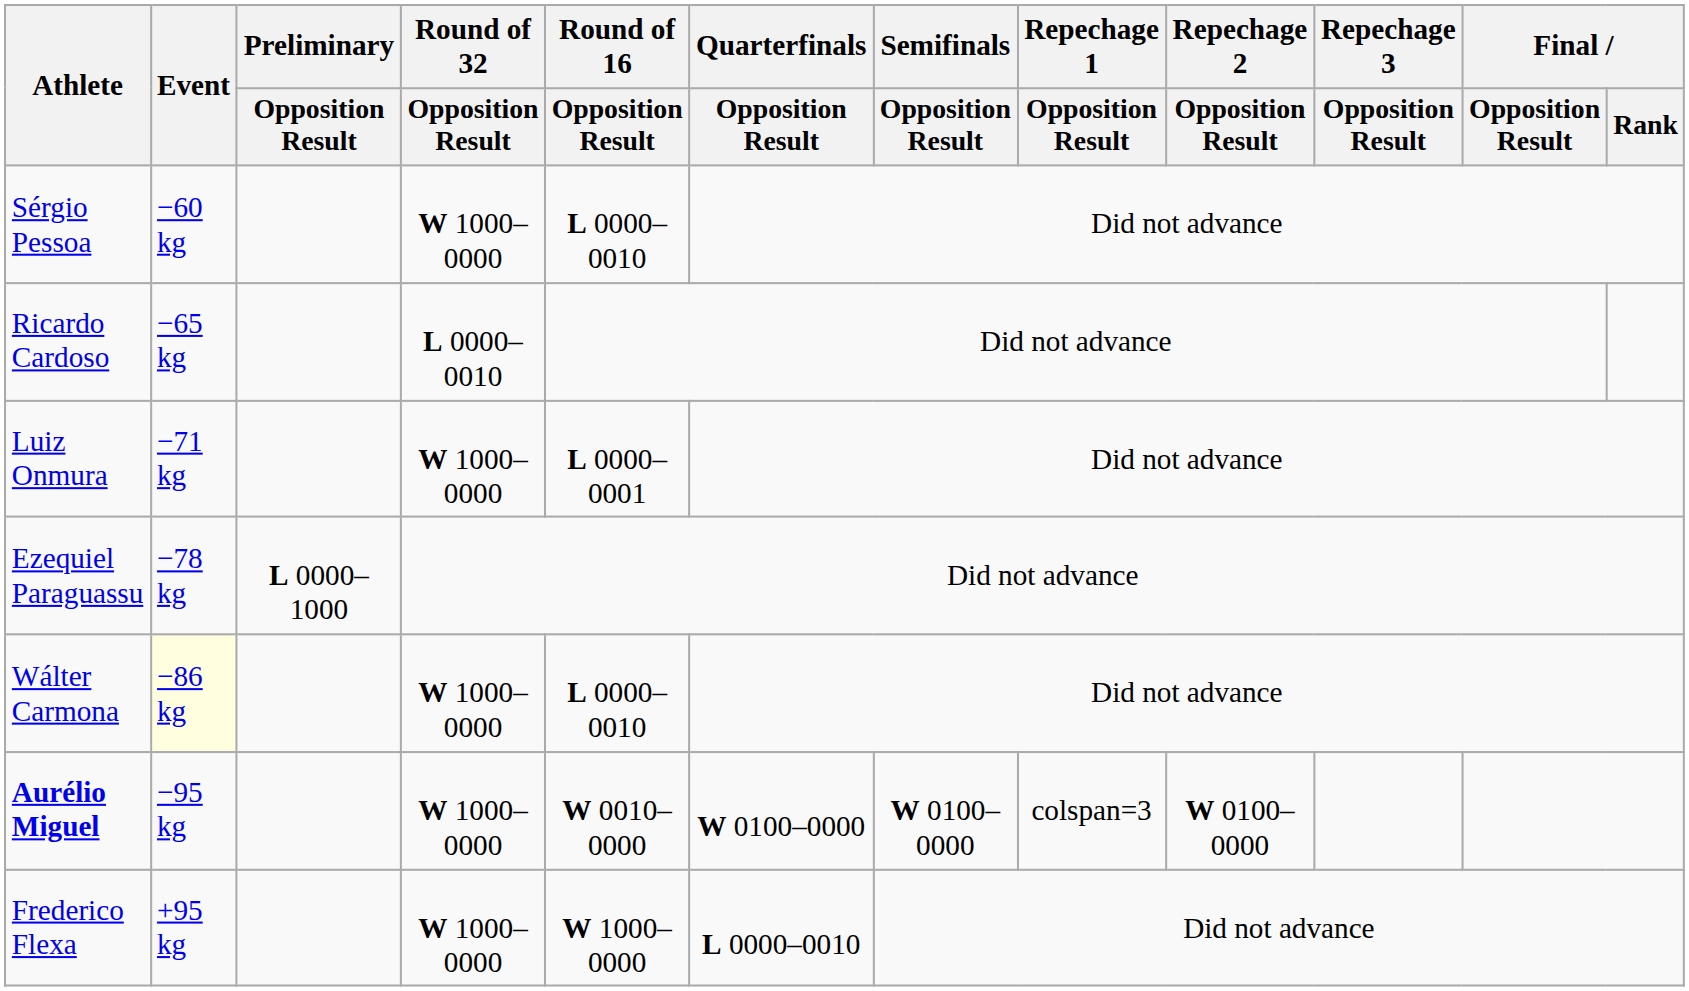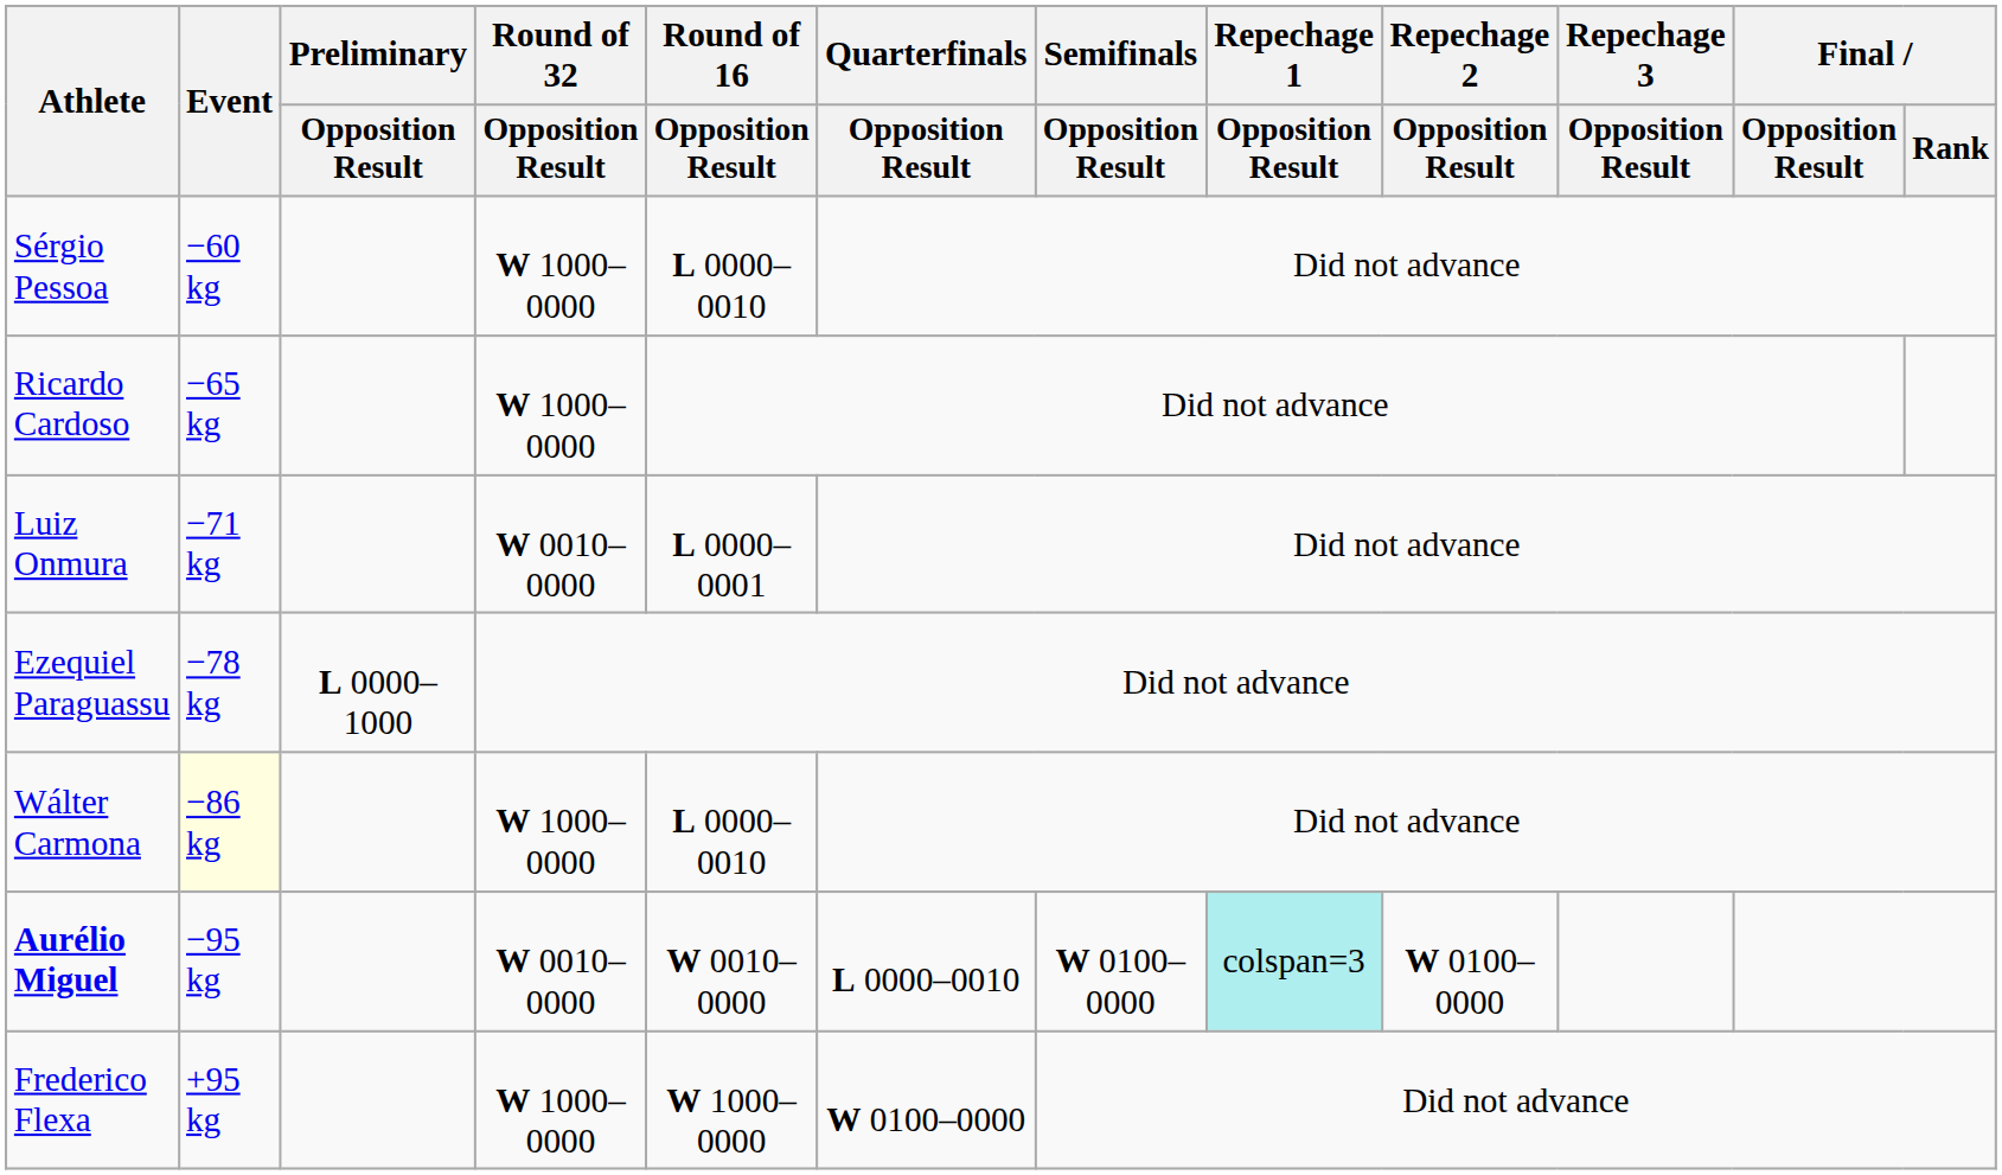 <table class="wikitable" style="font-size:90%">
 <tr>
 <th rowspan="2">Athlete</th>
 <th rowspan="2">Event</th>
 <th>Preliminary</th>
 <th>Round of 32</th>
 <th>Round of 16</th>
 <th>Quarterfinals</th>
 <th>Semifinals</th>
 <th>Repechage 1</th>
 <th>Repechage 2</th>
 <th>Repechage 3</th>
 <th colspan=2>Final / </th>
 </tr>
 <tr style="font-size:95%">
 <th>Opposition<br>Result</th>
 <th>Opposition<br>Result</th>
 <th>Opposition<br>Result</th>
 <th>Opposition<br>Result</th>
 <th>Opposition<br>Result</th>
 <th>Opposition<br>Result</th>
 <th>Opposition<br>Result</th>
 <th>Opposition<br>Result</th>
 <th>Opposition<br>Result</th>
 <th>Rank</th>
 </tr>
 <tr align=center>
 <td align=left><a href='#'>Sérgio Pessoa</a></td>
 <td align=left><a href='#'>−60 kg</a></td>
 <td></td>
 <td><br><strong>W</strong> 1000–0000</td>
 <td><br><strong>L</strong> 0000–0010</td>
 <td colspan=7>Did not advance</td>
 </tr>
 <tr align=center>
 <td align=left><a href='#'>Ricardo Cardoso</a></td>
 <td align=left><a href='#'>−65 kg</a></td>
 <td></td>
-<td><br><strong>L</strong> 0000–0010</td>
+<td><br><strong>W</strong> 1000–0000</td>
 <td colspan=7>Did not advance</td>
 </tr>
 <tr align=center>
 <td align=left><a href='#'>Luiz Onmura</a></td>
 <td align=left><a href='#'>−71 kg</a></td>
 <td></td>
-<td><br><strong>W</strong> 1000–0000</td>
+<td><br><strong>W</strong> 0010–0000</td>
 <td><br><strong>L</strong> 0000–0001</td>
 <td colspan=7>Did not advance</td>
 </tr>
 <tr align=center>
 <td align=left><a href='#'>Ezequiel Paraguassu</a></td>
 <td align=left><a href='#'>−78 kg</a></td>
 <td><br><strong>L</strong> 0000–1000</td>
 <td colspan=9>Did not advance</td>
 </tr>
 <tr align=center>
 <td align=left><a href='#'>Wálter Carmona</a></td>
 <td align=left style="background: lightyellow;"><a href='#'>−86 kg</a></td>
 <td></td>
 <td><br><strong>W</strong> 1000–0000</td>
 <td><br><strong>L</strong> 0000–0010</td>
 <td colspan=7>Did not advance</td>
 </tr>
 <tr align=center>
 <td align=left><strong><a href='#'>Aurélio Miguel</a></strong></td>
 <td align=left><a href='#'>−95 kg</a></td>
 <td></td>
-<td><br><strong>W</strong> 1000–0000</td>
 <td><br><strong>W</strong> 0010–0000</td>
+<td><br><strong>W</strong> 0010–0000</td>
+<td><br><strong>L</strong> 0000–0010</td>
 <td><br><strong>W</strong> 0100–0000</td>
-<td><br><strong>W</strong> 0100–0000</td>
-<td>colspan=3 </td>
+<td style="background: paleturquoise;">colspan=3 </td>
 <td><br><strong>W</strong> 0100–0000</td>
 <td></td>
 </tr>
 <tr align=center>
 <td align=left><a href='#'>Frederico Flexa</a></td>
 <td align=left><a href='#'>+95 kg</a></td>
 <td></td>
 <td><br><strong>W</strong> 1000–0000</td>
 <td><br><strong>W</strong> 1000–0000</td>
-<td><br><strong>L</strong> 0000–0010</td>
+<td><br><strong>W</strong> 0100–0000</td>
 <td colspan=7>Did not advance</td>
 </tr>
 </table>
